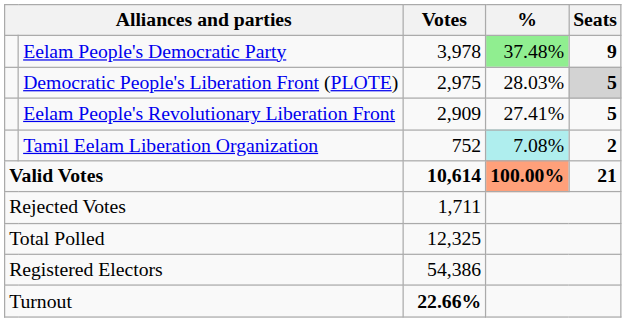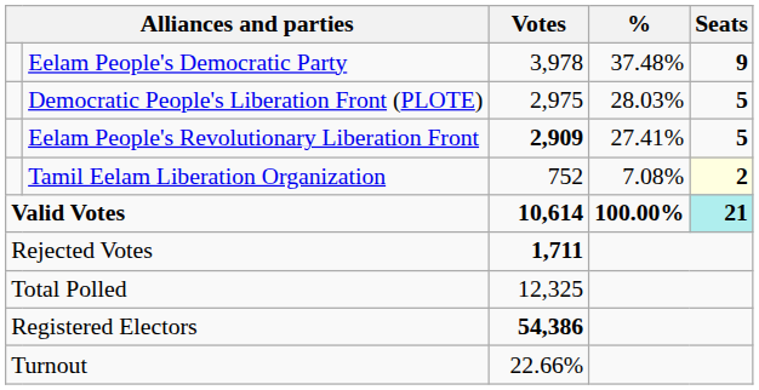 <table class="wikitable" border="1" style="text-align:right;">
 <tr>
 <th valign=bottom align=left colspan=2>Alliances and parties</th>
 <th valign=bottom align=center width="60">Votes</th>
 <th valign=bottom align=center width="50">%</th>
 <th valign=bottom align=center>Seats</th>
 </tr>
 <tr>
 <td bgcolor=> </td>
 <td align=left><a href='#'>Eelam People's Democratic Party</a></td>
 <td>3,978</td>
-<td style="background: lightgreen;">37.48%</td>
+<td>37.48%</td>
 <td><strong>9</strong></td>
 </tr>
 <tr>
 <td bgcolor=> </td>
 <td align=left><a href='#'>Democratic People's Liberation Front</a> (<a href='#'>PLOTE</a>)</td>
 <td>2,975</td>
 <td>28.03%</td>
-<td style="background: lightgrey;"><strong>5</strong></td>
+<td><strong>5</strong></td>
 </tr>
 <tr>
 <td bgcolor=> </td>
 <td align=left><a href='#'>Eelam People's Revolutionary Liberation Front</a></td>
-<td>2,909</td>
+<td><strong>2,909</strong></td>
 <td>27.41%</td>
 <td><strong>5</strong></td>
 </tr>
 <tr>
 <td bgcolor=> </td>
 <td align=left><a href='#'>Tamil Eelam Liberation Organization</a></td>
 <td>752</td>
-<td style="background: paleturquoise;">7.08%</td>
-<td><strong>2</strong></td>
+<td>7.08%</td>
+<td style="background: lightyellow;"><strong>2</strong></td>
 </tr>
 <tr>
 <td colspan=2 align=left><strong>Valid Votes</strong></td>
 <td><strong>10,614</strong></td>
-<td style="background: lightsalmon;"><strong>100.00%</strong></td>
-<td><strong>21</strong></td>
+<td><strong>100.00%</strong></td>
+<td style="background: paleturquoise;"><strong>21</strong></td>
 </tr>
 <tr>
 <td colspan=2 align=left>Rejected Votes</td>
-<td>1,711</td>
+<td><strong>1,711</strong></td>
 <td colspan=2></td>
 </tr>
 <tr>
 <td colspan=2 align=left>Total Polled</td>
 <td>12,325</td>
 <td colspan=2></td>
 </tr>
 <tr>
 <td colspan=2 align=left>Registered Electors</td>
-<td>54,386</td>
+<td><strong>54,386</strong></td>
 <td colspan=2></td>
 </tr>
 <tr>
 <td colspan=2 align=left>Turnout</td>
-<td><strong>22.66%</strong></td>
+<td>22.66%</td>
 <td colspan=2></td>
 </tr>
 </table>
